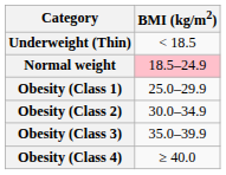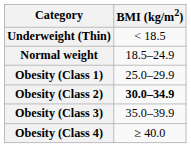 <table class="wikitable plainrowheaders" style="text-align:center">
 <tr>
 <th scope="col">Category</th>
 <th scope="col">BMI (kg/m<sup>2</sup>)</th>
 </tr>
 <tr>
 <th scope="row">Underweight (Thin)</th>
 <td>< 18.5</td>
 </tr>
 <tr>
 <th scope="row">Normal weight</th>
-<td class="nowrap" style="background: pink;">18.5–24.9</td>
+<td class="nowrap">18.5–24.9</td>
 </tr>
 <tr>
 <th scope="row">Obesity (Class 1)</th>
 <td>25.0–29.9</td>
 </tr>
 <tr>
 <th scope="row">Obesity (Class 2)</th>
-<td>30.0–34.9</td>
+<td><strong>30.0–34.9</strong></td>
 </tr>
 <tr>
 <th scope="row">Obesity (Class 3)</th>
 <td>35.0–39.9</td>
 </tr>
 <tr>
 <th scope="row">Obesity (Class 4)</th>
 <td>≥ 40.0</td>
 </tr>
 </table>
